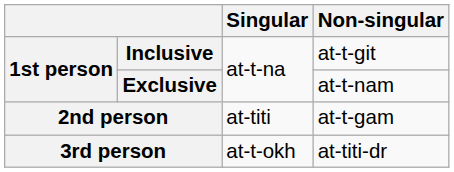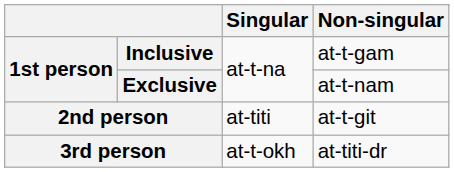 <table class="wikitable">
 <tr>
 <th colspan="2"></th>
 <th>Singular</th>
 <th>Non-singular</th>
 </tr>
 <tr>
 <th rowspan="2">1st person</th>
 <th>Inclusive</th>
 <td rowspan="2">at-t-na</td>
-<td>at-t-git</td>
+<td>at-t-gam</td>
 </tr>
 <tr>
 <th>Exclusive</th>
 <td>at-t-nam</td>
 </tr>
 <tr>
 <th colspan="2">2nd person</th>
 <td>at-titi</td>
-<td>at-t-gam</td>
+<td>at-t-git</td>
 </tr>
 <tr>
 <th colspan="2">3rd person</th>
 <td>at-t-okh</td>
 <td>at-titi-dr</td>
 </tr>
 </table>
